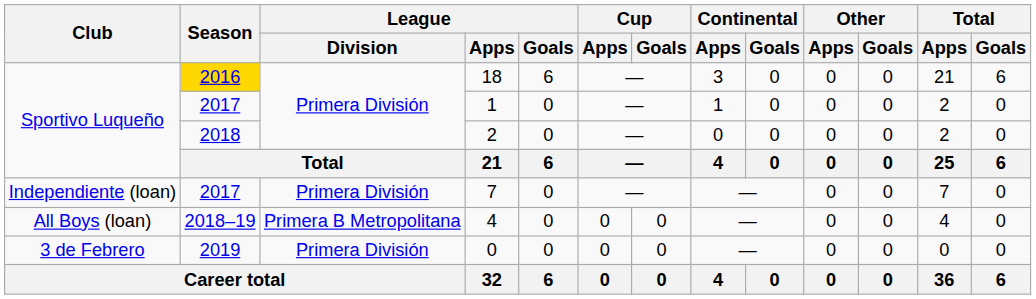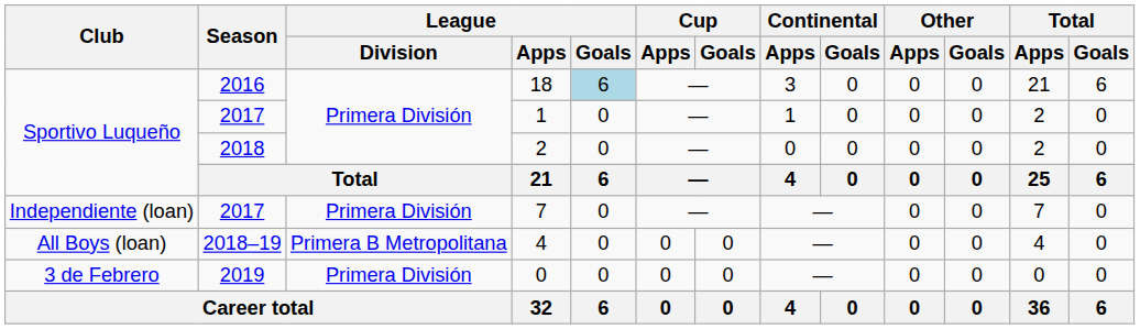 <table class="wikitable" style="text-align:center">
 <tr>
 <th rowspan="2">Club</th>
 <th rowspan="2">Season</th>
 <th colspan="3">League</th>
 <th colspan="2">Cup</th>
 <th colspan="2">Continental</th>
 <th colspan="2">Other</th>
 <th colspan="2">Total</th>
 </tr>
 <tr>
 <th>Division</th>
 <th>Apps</th>
 <th>Goals</th>
 <th>Apps</th>
 <th>Goals</th>
 <th>Apps</th>
 <th>Goals</th>
 <th>Apps</th>
 <th>Goals</th>
 <th>Apps</th>
 <th>Goals</th>
 </tr>
 <tr>
 <td rowspan="4"><a href='#'>Sportivo Luqueño</a></td>
-<td style="background: gold;"><a href='#'>2016</a></td>
+<td><a href='#'>2016</a></td>
 <td rowspan="3"><a href='#'>Primera División</a></td>
 <td>18</td>
-<td>6</td>
+<td style="background: lightblue;">6</td>
 <td colspan="2">—</td>
 <td>3</td>
 <td>0</td>
 <td>0</td>
 <td>0</td>
 <td>21</td>
 <td>6</td>
 </tr>
 <tr>
 <td><a href='#'>2017</a></td>
 <td>1</td>
 <td>0</td>
 <td colspan="2">—</td>
 <td>1</td>
 <td>0</td>
 <td>0</td>
 <td>0</td>
 <td>2</td>
 <td>0</td>
 </tr>
 <tr>
 <td><a href='#'>2018</a></td>
 <td>2</td>
 <td>0</td>
 <td colspan="2">—</td>
 <td>0</td>
 <td>0</td>
 <td>0</td>
 <td>0</td>
 <td>2</td>
 <td>0</td>
 </tr>
 <tr>
 <th colspan="2">Total</th>
 <th>21</th>
 <th>6</th>
 <th colspan="2">—</th>
 <th>4</th>
 <th>0</th>
 <th>0</th>
 <th>0</th>
 <th>25</th>
 <th>6</th>
 </tr>
 <tr>
 <td rowspan="1"><a href='#'>Independiente</a> (loan)</td>
 <td><a href='#'>2017</a></td>
 <td rowspan="1"><a href='#'>Primera División</a></td>
 <td>7</td>
 <td>0</td>
 <td colspan="2">—</td>
 <td colspan="2">—</td>
 <td>0</td>
 <td>0</td>
 <td>7</td>
 <td>0</td>
 </tr>
 <tr>
 <td rowspan="1"><a href='#'>All Boys</a> (loan)</td>
 <td><a href='#'>2018–19</a></td>
 <td rowspan="1"><a href='#'>Primera B Metropolitana</a></td>
 <td>4</td>
 <td>0</td>
 <td>0</td>
 <td>0</td>
 <td colspan="2">—</td>
 <td>0</td>
 <td>0</td>
 <td>4</td>
 <td>0</td>
 </tr>
 <tr>
 <td rowspan="1"><a href='#'>3 de Febrero</a></td>
 <td><a href='#'>2019</a></td>
 <td rowspan="1"><a href='#'>Primera División</a></td>
 <td>0</td>
 <td>0</td>
 <td>0</td>
 <td>0</td>
 <td colspan="2">—</td>
 <td>0</td>
 <td>0</td>
 <td>0</td>
 <td>0</td>
 </tr>
 <tr>
 <th colspan="3">Career total</th>
 <th>32</th>
 <th>6</th>
 <th>0</th>
 <th>0</th>
 <th>4</th>
 <th>0</th>
 <th>0</th>
 <th>0</th>
 <th>36</th>
 <th>6</th>
 </tr>
 </table>
